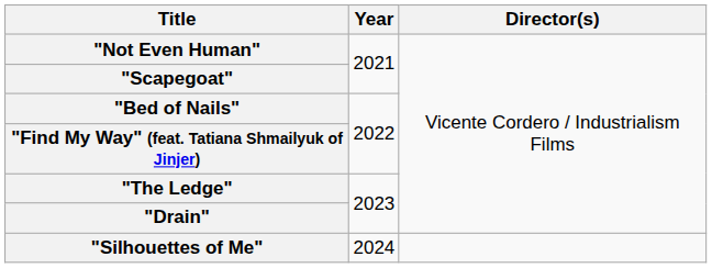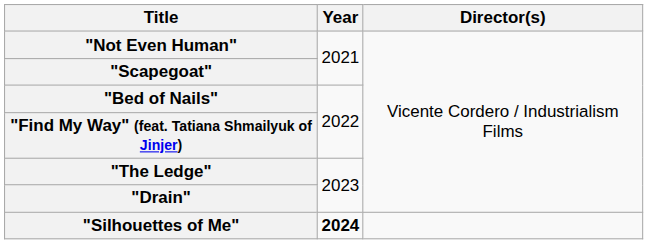 <table class="wikitable plainrowheaders" style="text-align:center;">
 <tr>
 <th scope="col" style="width:18em;">Title</th>
 <th scope="col">Year</th>
 <th scope="col" style="width:16em;">Director(s)</th>
 </tr>
 <tr>
 <th scope="row">"Not Even Human"</th>
 <td rowspan="2">2021</td>
 <td rowspan="6">Vicente Cordero / Industrialism Films</td>
 </tr>
 <tr>
 <th scope="row">"Scapegoat"</th>
 </tr>
 <tr>
 <th scope="row">"Bed of Nails"</th>
 <td rowspan="2">2022</td>
 </tr>
 <tr>
 <th scope="row">"Find My Way" <small>(feat. Tatiana Shmailyuk of <a href='#'>Jinjer</a>)</small></th>
 </tr>
 <tr>
 <th scope="row">"The Ledge"</th>
 <td rowspan="2">2023</td>
 </tr>
 <tr>
 <th scope="row">"Drain"</th>
 </tr>
 <tr>
 <th>"Silhouettes of Me"</th>
-<td rowspan="1">2024</td>
+<td rowspan="1"><strong>2024</strong></td>
 <td></td>
 </tr>
 </table>
